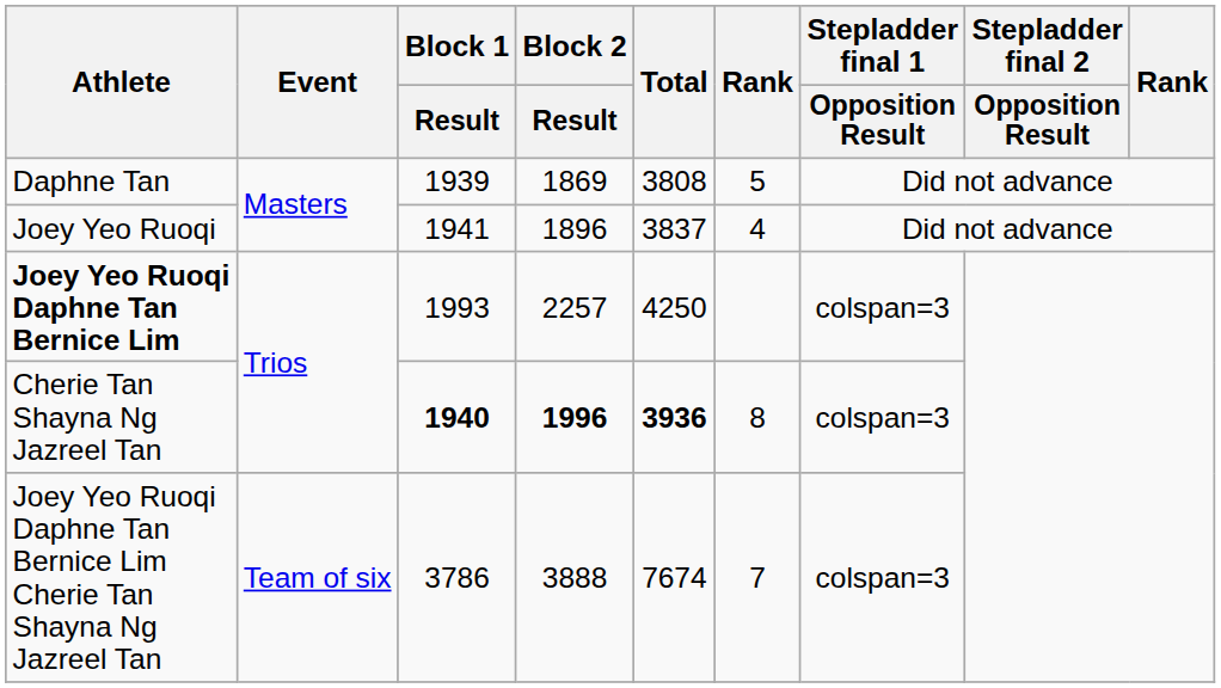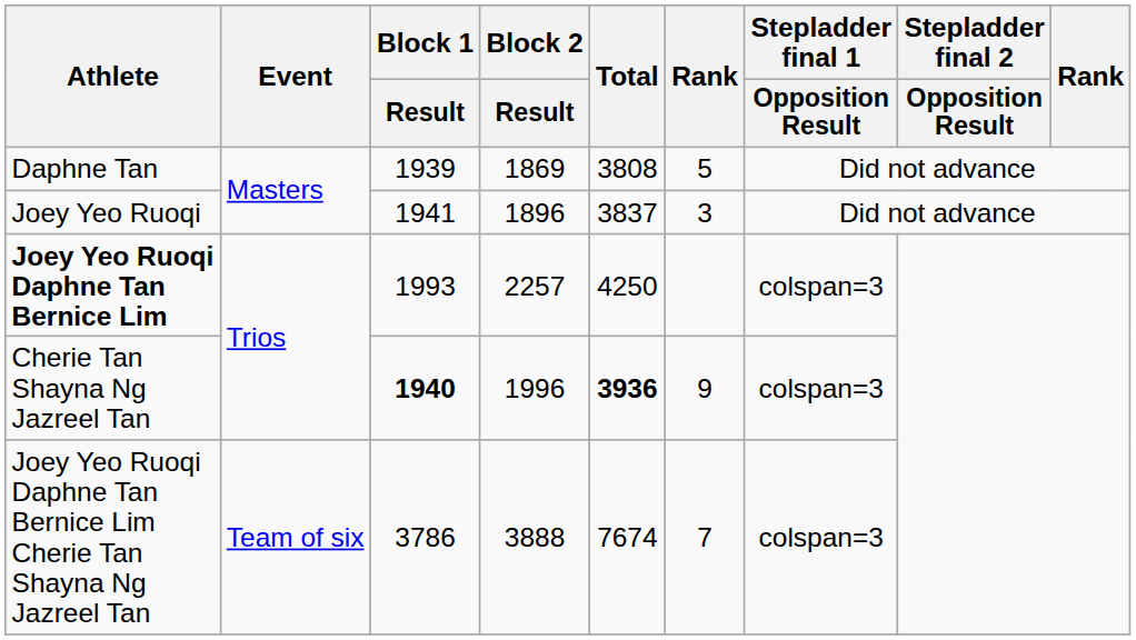 <table class=wikitable style=font-size:90%;text-align:center>
 <tr>
 <th rowspan="2">Athlete</th>
 <th rowspan="2">Event</th>
 <th>Block 1</th>
 <th>Block 2</th>
 <th rowspan="2">Total</th>
 <th rowspan="2">Rank</th>
 <th>Stepladder<br>final 1</th>
 <th>Stepladder<br>final 2</th>
 <th rowspan="2">Rank</th>
 </tr>
 <tr style="font-size:95%">
 <th>Result</th>
 <th>Result</th>
 <th>Opposition<br>Result</th>
 <th>Opposition<br>Result</th>
 </tr>
 <tr>
 <td align=left>Daphne Tan</td>
 <td align=left rowspan=2><a href='#'>Masters</a></td>
 <td>1939</td>
 <td>1869</td>
 <td>3808</td>
 <td>5</td>
 <td colspan=3>Did not advance</td>
 </tr>
 <tr>
 <td align=left>Joey Yeo Ruoqi</td>
 <td>1941</td>
 <td>1896</td>
 <td>3837</td>
-<td>4</td>
+<td>3</td>
 <td colspan=3>Did not advance</td>
 </tr>
 <tr>
 <td align=left><strong>Joey Yeo Ruoqi<br>Daphne Tan<br>Bernice Lim</strong></td>
 <td align=left rowspan=2><a href='#'>Trios</a></td>
 <td>1993</td>
 <td>2257</td>
 <td>4250</td>
 <td></td>
 <td>colspan=3 </td>
 </tr>
 <tr>
 <td align=left>Cherie Tan<br>Shayna Ng<br>Jazreel Tan</td>
 <td><strong>1940</strong></td>
-<td><strong>1996</strong></td>
+<td>1996</td>
 <td><strong>3936</strong></td>
-<td>8</td>
+<td>9</td>
 <td>colspan=3 </td>
 </tr>
 <tr>
 <td align=left>Joey Yeo Ruoqi<br>Daphne Tan<br>Bernice Lim<br>Cherie Tan<br>Shayna Ng<br>Jazreel Tan</td>
 <td align=left><a href='#'>Team of six</a></td>
 <td>3786</td>
 <td>3888</td>
 <td>7674</td>
 <td>7</td>
 <td>colspan=3 </td>
 </tr>
 </table>
